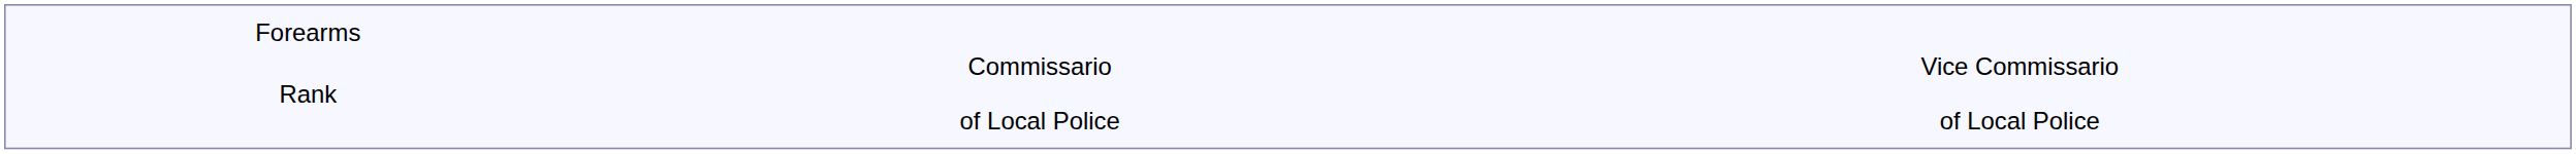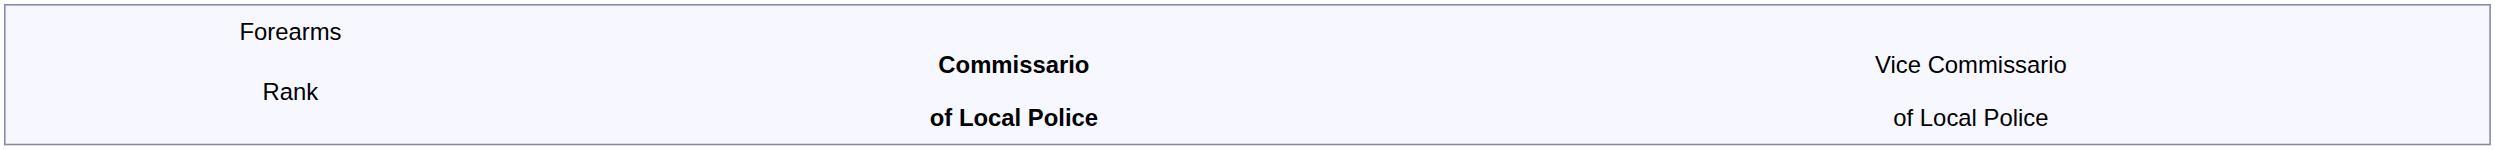 <table style="border:1px solid #8888aa; background-color:#f7f8ff; padding:5px; font-size:95%; margin: 0px 12px 12px 0px;" width="100%">
 <tr align="center">
 <td>Forearms</td>
 <td></td>
 <td></td>
 </tr>
 <tr align="center">
 <td>Rank</td>
-<td>Commissario<br><br>of Local Police</td>
+<td><strong>Commissario<br><br>of Local Police</strong></td>
 <td>Vice Commissario<br><br>of Local Police</td>
 </tr>
 </table>
